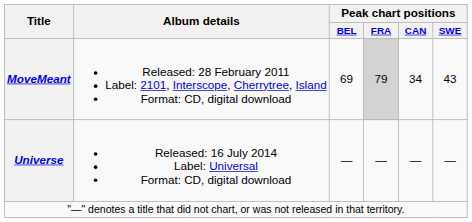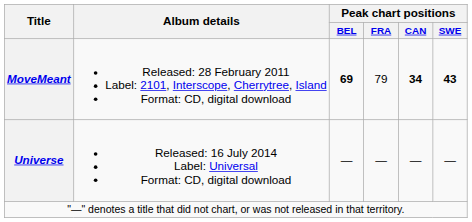 <table class="wikitable plainrowheaders" style="text-align:center;">
 <tr>
 <th scope="col" rowspan="2">Title</th>
 <th scope="col" rowspan="2">Album details</th>
 <th scope="col" colspan="4">Peak chart positions</th>
 </tr>
 <tr>
 <th scope="col" style="width:3em;font-size:85%;"><a href='#'>BEL</a></th>
 <th scope="col" style="width:3em;font-size:85%;"><a href='#'>FRA</a><br></th>
 <th scope="col" style="width:3em;font-size:85%;"><a href='#'>CAN</a></th>
 <th scope="col" style="width:3em;font-size:85%;"><a href='#'>SWE</a><br></th>
 </tr>
 <tr>
 <th scope="row"><em><a href='#'>MoveMeant</a></em></th>
 <td><br><ul><li>Released: 28 February 2011</li><li>Label: <a href='#'>2101</a>, <a href='#'>Interscope</a>, <a href='#'>Cherrytree</a>, <a href='#'>Island</a></li><li>Format: CD, digital download</li></ul></td>
-<td>69</td>
-<td style="background: lightgrey;">79</td>
-<td>34</td>
-<td>43</td>
+<td><strong>69</strong></td>
+<td>79</td>
+<td><strong>34</strong></td>
+<td><strong>43</strong></td>
 </tr>
 <tr>
 <th scope="row"><em><a href='#'>Universe</a></em></th>
 <td><br><ul><li>Released: 16 July 2014</li><li>Label: <a href='#'>Universal</a></li><li>Format: CD, digital download</li></ul></td>
 <td>—</td>
 <td>—</td>
 <td>—</td>
 <td>—</td>
 </tr>
 <tr>
 <td colspan="10" style="font-size:90%">"—" denotes a title that did not chart, or was not released in that territory.</td>
 </tr>
 </table>
